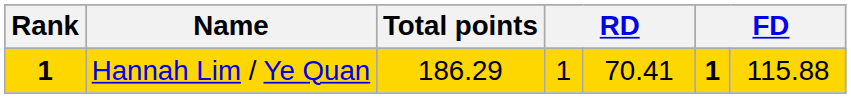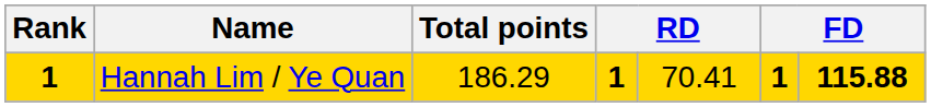 <table class="wikitable sortable">
 <tr>
 <th>Rank</th>
 <th>Name</th>
 <th>Total points</th>
 <th colspan="2" width="80px"><a href='#'>RD</a></th>
 <th colspan="2" width="80px"><a href='#'>FD</a></th>
 </tr>
 <tr bgcolor="gold">
 <td align="center"><strong>1</strong></td>
 <td><a href='#'>Hannah Lim</a> / <a href='#'>Ye Quan</a></td>
 <td align="center">186.29</td>
-<td align="center">1</td>
+<td align="center"><strong>1</strong></td>
 <td align="center">70.41</td>
 <td align="center"><strong>1</strong></td>
-<td align="center">115.88</td>
+<td align="center"><strong>115.88</strong></td>
 </tr>
 </table>
